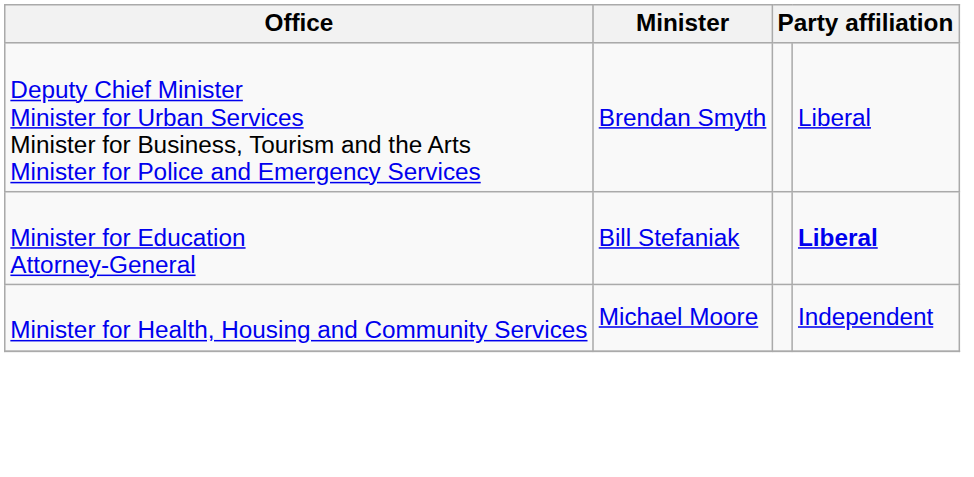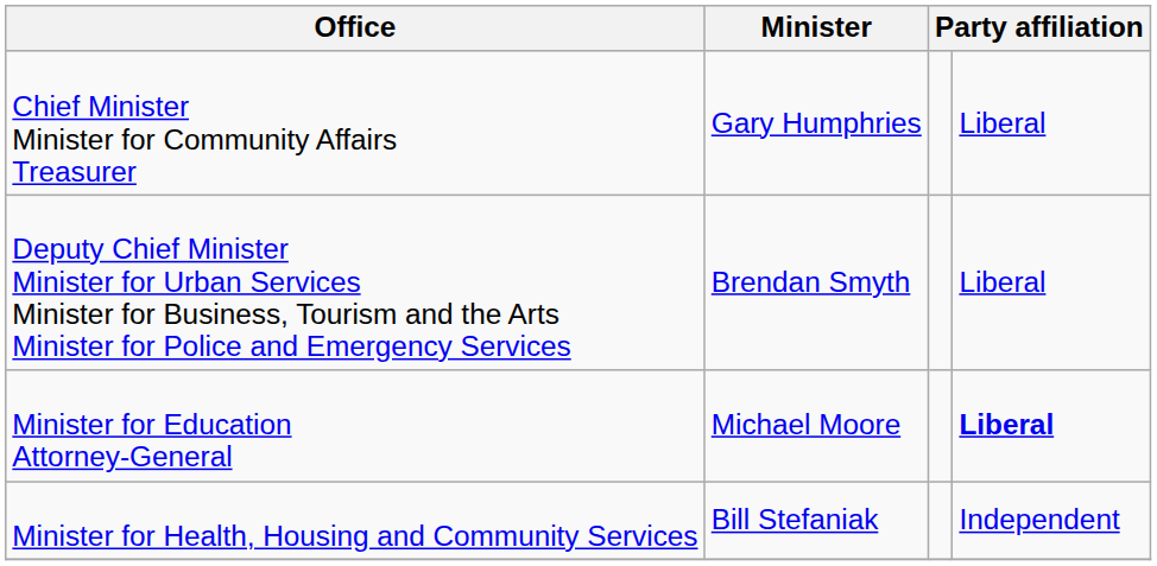 <table class="wikitable">
 <tr>
 <th>Office</th>
 <th>Minister</th>
 <th colspan=2>Party affiliation</th>
+</tr>
+<tr>
+<td><br><a href='#'>Chief Minister</a><br> Minister for Community Affairs<br> <a href='#'>Treasurer</a></td>
+<td><a href='#'>Gary Humphries</a></td>
+<td> </td>
+<td><a href='#'>Liberal</a></td>
 </tr>
 <tr>
 <td><br><a href='#'>Deputy Chief Minister</a><br> <a href='#'>Minister for Urban Services</a><br> Minister for Business, Tourism and the Arts<br> <a href='#'>Minister for Police and Emergency Services</a></td>
 <td><a href='#'>Brendan Smyth</a></td>
 <td> </td>
 <td><a href='#'>Liberal</a></td>
 </tr>
 <tr>
 <td><br><a href='#'>Minister for Education</a><br> <a href='#'>Attorney-General</a></td>
-<td><a href='#'>Bill Stefaniak</a></td>
+<td><a href='#'>Michael Moore</a></td>
 <td> </td>
 <td><strong><a href='#'>Liberal</a></strong></td>
 </tr>
 <tr>
 <td><br><a href='#'>Minister for Health, Housing and Community Services</a></td>
-<td><a href='#'>Michael Moore</a></td>
+<td><a href='#'>Bill Stefaniak</a></td>
 <td> </td>
 <td><a href='#'>Independent</a></td>
 </tr>
 <tr>
 </tr>
 </table>
